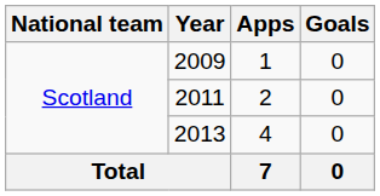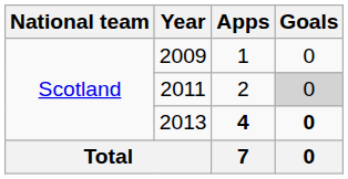 <table class=wikitable style="text-align:center">
 <tr>
 <th>National team</th>
 <th>Year</th>
 <th>Apps</th>
 <th>Goals</th>
 </tr>
 <tr>
 <td rowspan="3"><a href='#'>Scotland</a></td>
 <td>2009</td>
 <td>1</td>
 <td>0</td>
 </tr>
 <tr>
 <td>2011</td>
 <td>2</td>
-<td>0</td>
+<td style="background: lightgrey;">0</td>
 </tr>
 <tr>
 <td>2013</td>
-<td>4</td>
-<td>0</td>
+<td><strong>4</strong></td>
+<td><strong>0</strong></td>
 </tr>
 <tr>
 <th colspan="2">Total</th>
 <th>7</th>
 <th>0</th>
 </tr>
 </table>
